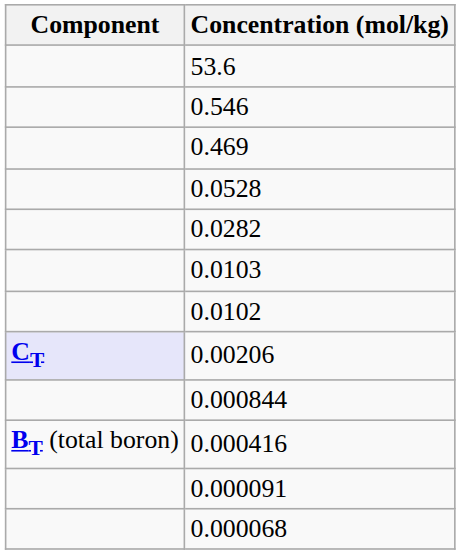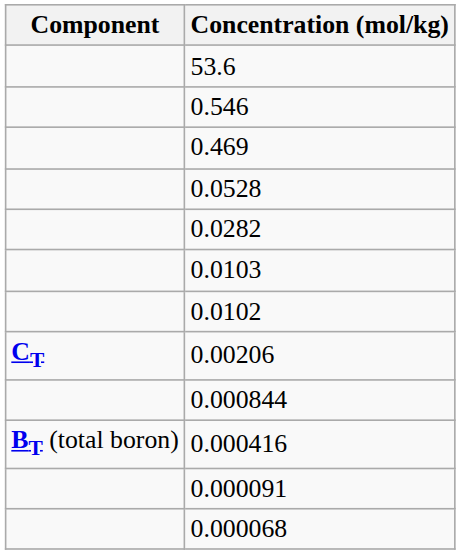 <table class="wikitable" style="float: right; margin: 0 0 1em 1em;">
 <tr>
 <th>Component</th>
 <th>Concentration (mol/kg)</th>
 </tr>
 <tr>
 <td><strong><a href='#'></a></strong></td>
 <td>53.6</td>
 </tr>
 <tr>
 <td><strong><a href='#'></a></strong></td>
 <td>0.546</td>
 </tr>
 <tr>
 <td><strong><a href='#'></a></strong></td>
 <td>0.469</td>
 </tr>
 <tr>
 <td><strong><a href='#'></a></strong></td>
 <td>0.0528</td>
 </tr>
 <tr>
 <td><strong><a href='#'></a></strong></td>
 <td>0.0282</td>
 </tr>
 <tr>
 <td><strong><a href='#'></a></strong></td>
 <td>0.0103</td>
 </tr>
 <tr>
 <td><strong><a href='#'></a></strong></td>
 <td>0.0102</td>
 </tr>
 <tr>
-<td style="background: lavender;"><strong><a href='#'>C<sub>T</sub></a></strong></td>
+<td><strong><a href='#'>C<sub>T</sub></a></strong></td>
 <td>0.00206</td>
 </tr>
 <tr>
 <td><strong><a href='#'></a></strong></td>
 <td>0.000844</td>
 </tr>
 <tr>
 <td><strong><a href='#'>B<sub>T</sub></a></strong> (total boron)</td>
 <td>0.000416</td>
 </tr>
 <tr>
 <td><strong><a href='#'></a></strong></td>
 <td>0.000091</td>
 </tr>
 <tr>
 <td><strong><a href='#'></a></strong></td>
 <td>0.000068</td>
 </tr>
 </table>
